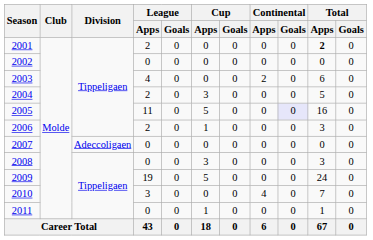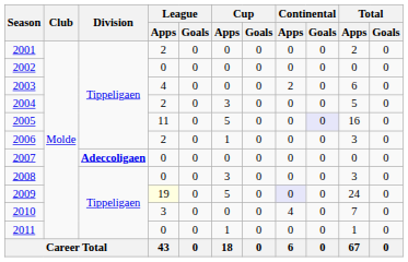 <table class="wikitable" style="text-align: center;">
 <tr>
 <th rowspan=2>Season</th>
 <th rowspan=2>Club</th>
 <th rowspan=2>Division</th>
 <th colspan=2>League</th>
 <th colspan=2>Cup</th>
 <th colspan=2>Continental</th>
 <th colspan=2>Total</th>
 </tr>
 <tr>
 <th>Apps</th>
 <th>Goals</th>
 <th>Apps</th>
 <th>Goals</th>
 <th>Apps</th>
 <th>Goals</th>
 <th>Apps</th>
 <th>Goals</th>
 </tr>
 <tr>
 <td><a href='#'>2001</a></td>
 <td rowspan=11 valign="center"><a href='#'>Molde</a></td>
 <td rowspan=6 valign="center"><a href='#'>Tippeligaen</a></td>
 <td>2</td>
 <td>0</td>
 <td>0</td>
 <td>0</td>
 <td>0</td>
 <td>0</td>
-<td><strong>2</strong></td>
+<td>2</td>
 <td>0</td>
 </tr>
 <tr>
 <td><a href='#'>2002</a></td>
 <td>0</td>
 <td>0</td>
 <td>0</td>
 <td>0</td>
 <td>0</td>
 <td>0</td>
 <td>0</td>
 <td>0</td>
 </tr>
 <tr>
 <td><a href='#'>2003</a></td>
 <td>4</td>
 <td>0</td>
 <td>0</td>
 <td>0</td>
 <td>2</td>
 <td>0</td>
 <td>6</td>
 <td>0</td>
 </tr>
 <tr>
 <td><a href='#'>2004</a></td>
 <td>2</td>
 <td>0</td>
 <td>3</td>
 <td>0</td>
 <td>0</td>
 <td>0</td>
 <td>5</td>
 <td>0</td>
 </tr>
 <tr>
 <td><a href='#'>2005</a></td>
 <td>11</td>
 <td>0</td>
 <td>5</td>
 <td>0</td>
 <td>0</td>
 <td style="background: lavender;">0</td>
 <td>16</td>
 <td>0</td>
 </tr>
 <tr>
 <td><a href='#'>2006</a></td>
 <td>2</td>
 <td>0</td>
 <td>1</td>
 <td>0</td>
 <td>0</td>
 <td>0</td>
 <td>3</td>
 <td>0</td>
 </tr>
 <tr>
 <td><a href='#'>2007</a></td>
-<td><a href='#'>Adeccoligaen</a></td>
+<td><strong><a href='#'>Adeccoligaen</a></strong></td>
 <td>0</td>
 <td>0</td>
 <td>0</td>
 <td>0</td>
 <td>0</td>
 <td>0</td>
 <td>0</td>
 <td>0</td>
 </tr>
 <tr>
 <td><a href='#'>2008</a></td>
 <td rowspan=4 valign="center"><a href='#'>Tippeligaen</a></td>
 <td>0</td>
 <td>0</td>
 <td>3</td>
 <td>0</td>
 <td>0</td>
 <td>0</td>
 <td>3</td>
 <td>0</td>
 </tr>
 <tr>
 <td><a href='#'>2009</a></td>
-<td>19</td>
+<td style="background: lightyellow;">19</td>
 <td>0</td>
 <td>5</td>
 <td>0</td>
-<td>0</td>
+<td style="background: lavender;">0</td>
 <td>0</td>
 <td>24</td>
 <td>0</td>
 </tr>
 <tr>
 <td><a href='#'>2010</a></td>
 <td>3</td>
 <td>0</td>
 <td>0</td>
 <td>0</td>
 <td>4</td>
 <td>0</td>
 <td>7</td>
 <td>0</td>
 </tr>
 <tr>
 <td><a href='#'>2011</a></td>
 <td>0</td>
 <td>0</td>
 <td>1</td>
 <td>0</td>
 <td>0</td>
 <td>0</td>
 <td>1</td>
 <td>0</td>
 </tr>
 <tr>
 <th colspan=3>Career Total</th>
 <th>43</th>
 <th>0</th>
 <th>18</th>
 <th>0</th>
 <th>6</th>
 <th>0</th>
 <th>67</th>
 <th>0</th>
 </tr>
 </table>
